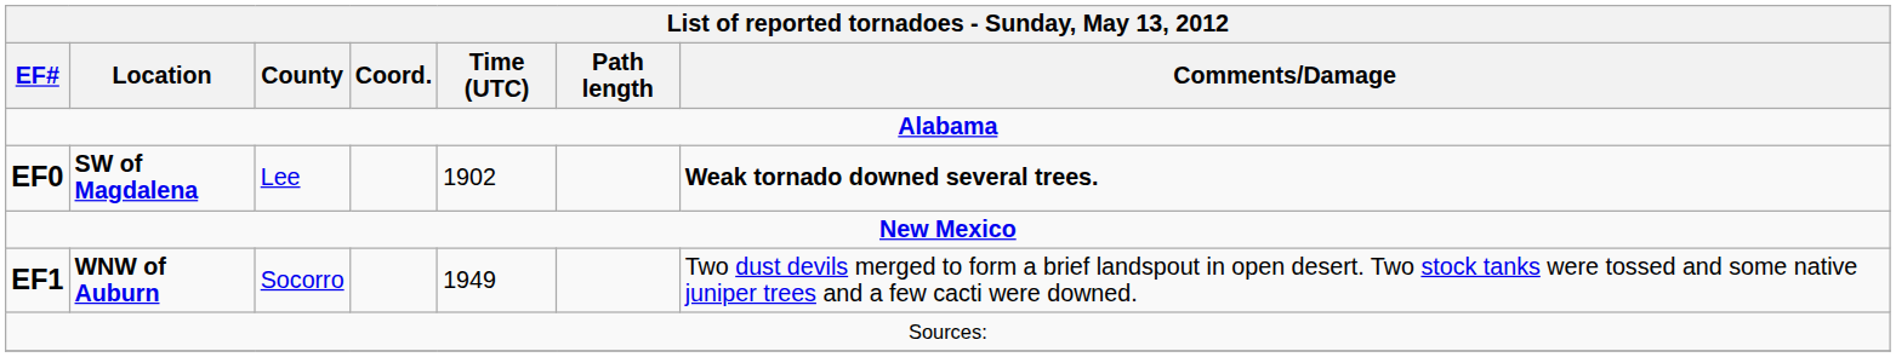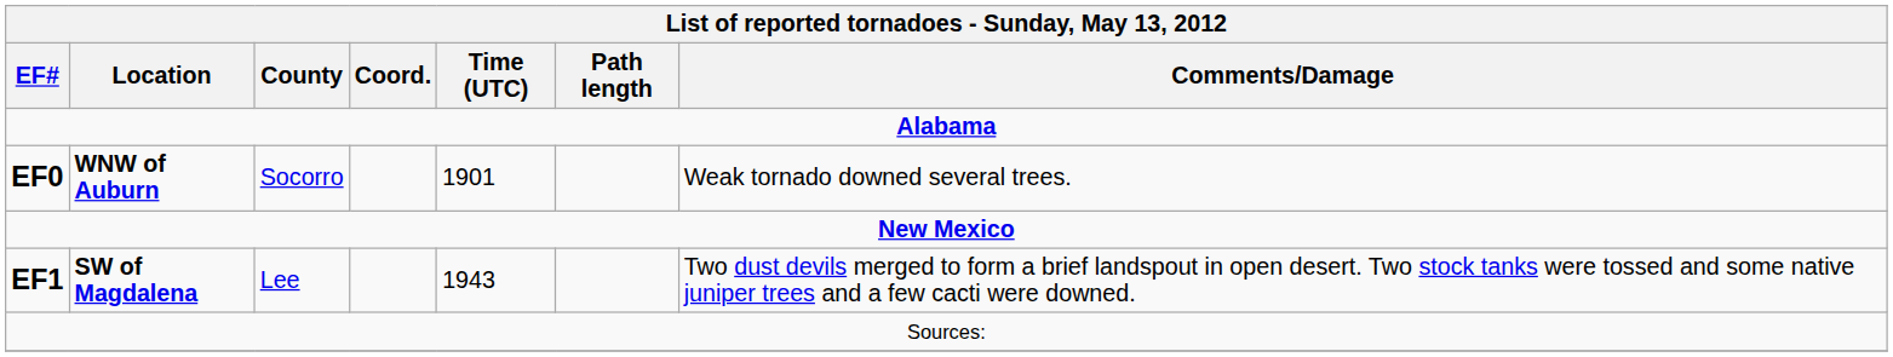 <table class="wikitable collapsible" width="100%">
 <tr>
 <th colspan="7">List of reported tornadoes - Sunday, May 13, 2012</th>
 </tr>
 <tr>
 <th><a href='#'>EF#</a></th>
 <th>Location</th>
 <th>County</th>
 <th>Coord.</th>
 <th>Time (UTC)</th>
 <th>Path length</th>
 <th>Comments/Damage</th>
 </tr>
 <tr>
 <td colspan="7" align=center><strong><a href='#'>Alabama</a></strong></td>
 </tr>
 <tr>
 <td><big><strong>EF0</strong></big></td>
-<td><strong>SW of <a href='#'>Magdalena</a></strong></td>
-<td><a href='#'>Lee</a></td>
+<td><strong>WNW of <a href='#'>Auburn</a></strong></td>
+<td><a href='#'>Socorro</a></td>
 <td></td>
-<td>1902</td>
+<td>1901</td>
 <td></td>
-<td><strong>Weak tornado downed several trees.</strong></td>
+<td>Weak tornado downed several trees.</td>
 </tr>
 <tr>
 <td colspan="7" align=center><strong><a href='#'>New Mexico</a></strong></td>
 </tr>
 <tr>
 <td><big><strong>EF1</strong></big></td>
-<td><strong>WNW of <a href='#'>Auburn</a></strong></td>
-<td><a href='#'>Socorro</a></td>
+<td><strong>SW of <a href='#'>Magdalena</a></strong></td>
+<td><a href='#'>Lee</a></td>
 <td></td>
-<td>1949</td>
+<td>1943</td>
 <td></td>
 <td>Two <a href='#'>dust devils</a> merged to form a brief landspout in open desert. Two <a href='#'>stock tanks</a> were tossed and some native <a href='#'>juniper trees</a> and a few cacti were downed.</td>
 </tr>
 <tr>
 <td colspan="7" align=center><small>Sources: </small></td>
 </tr>
 <tr>
 </tr>
 </table>
